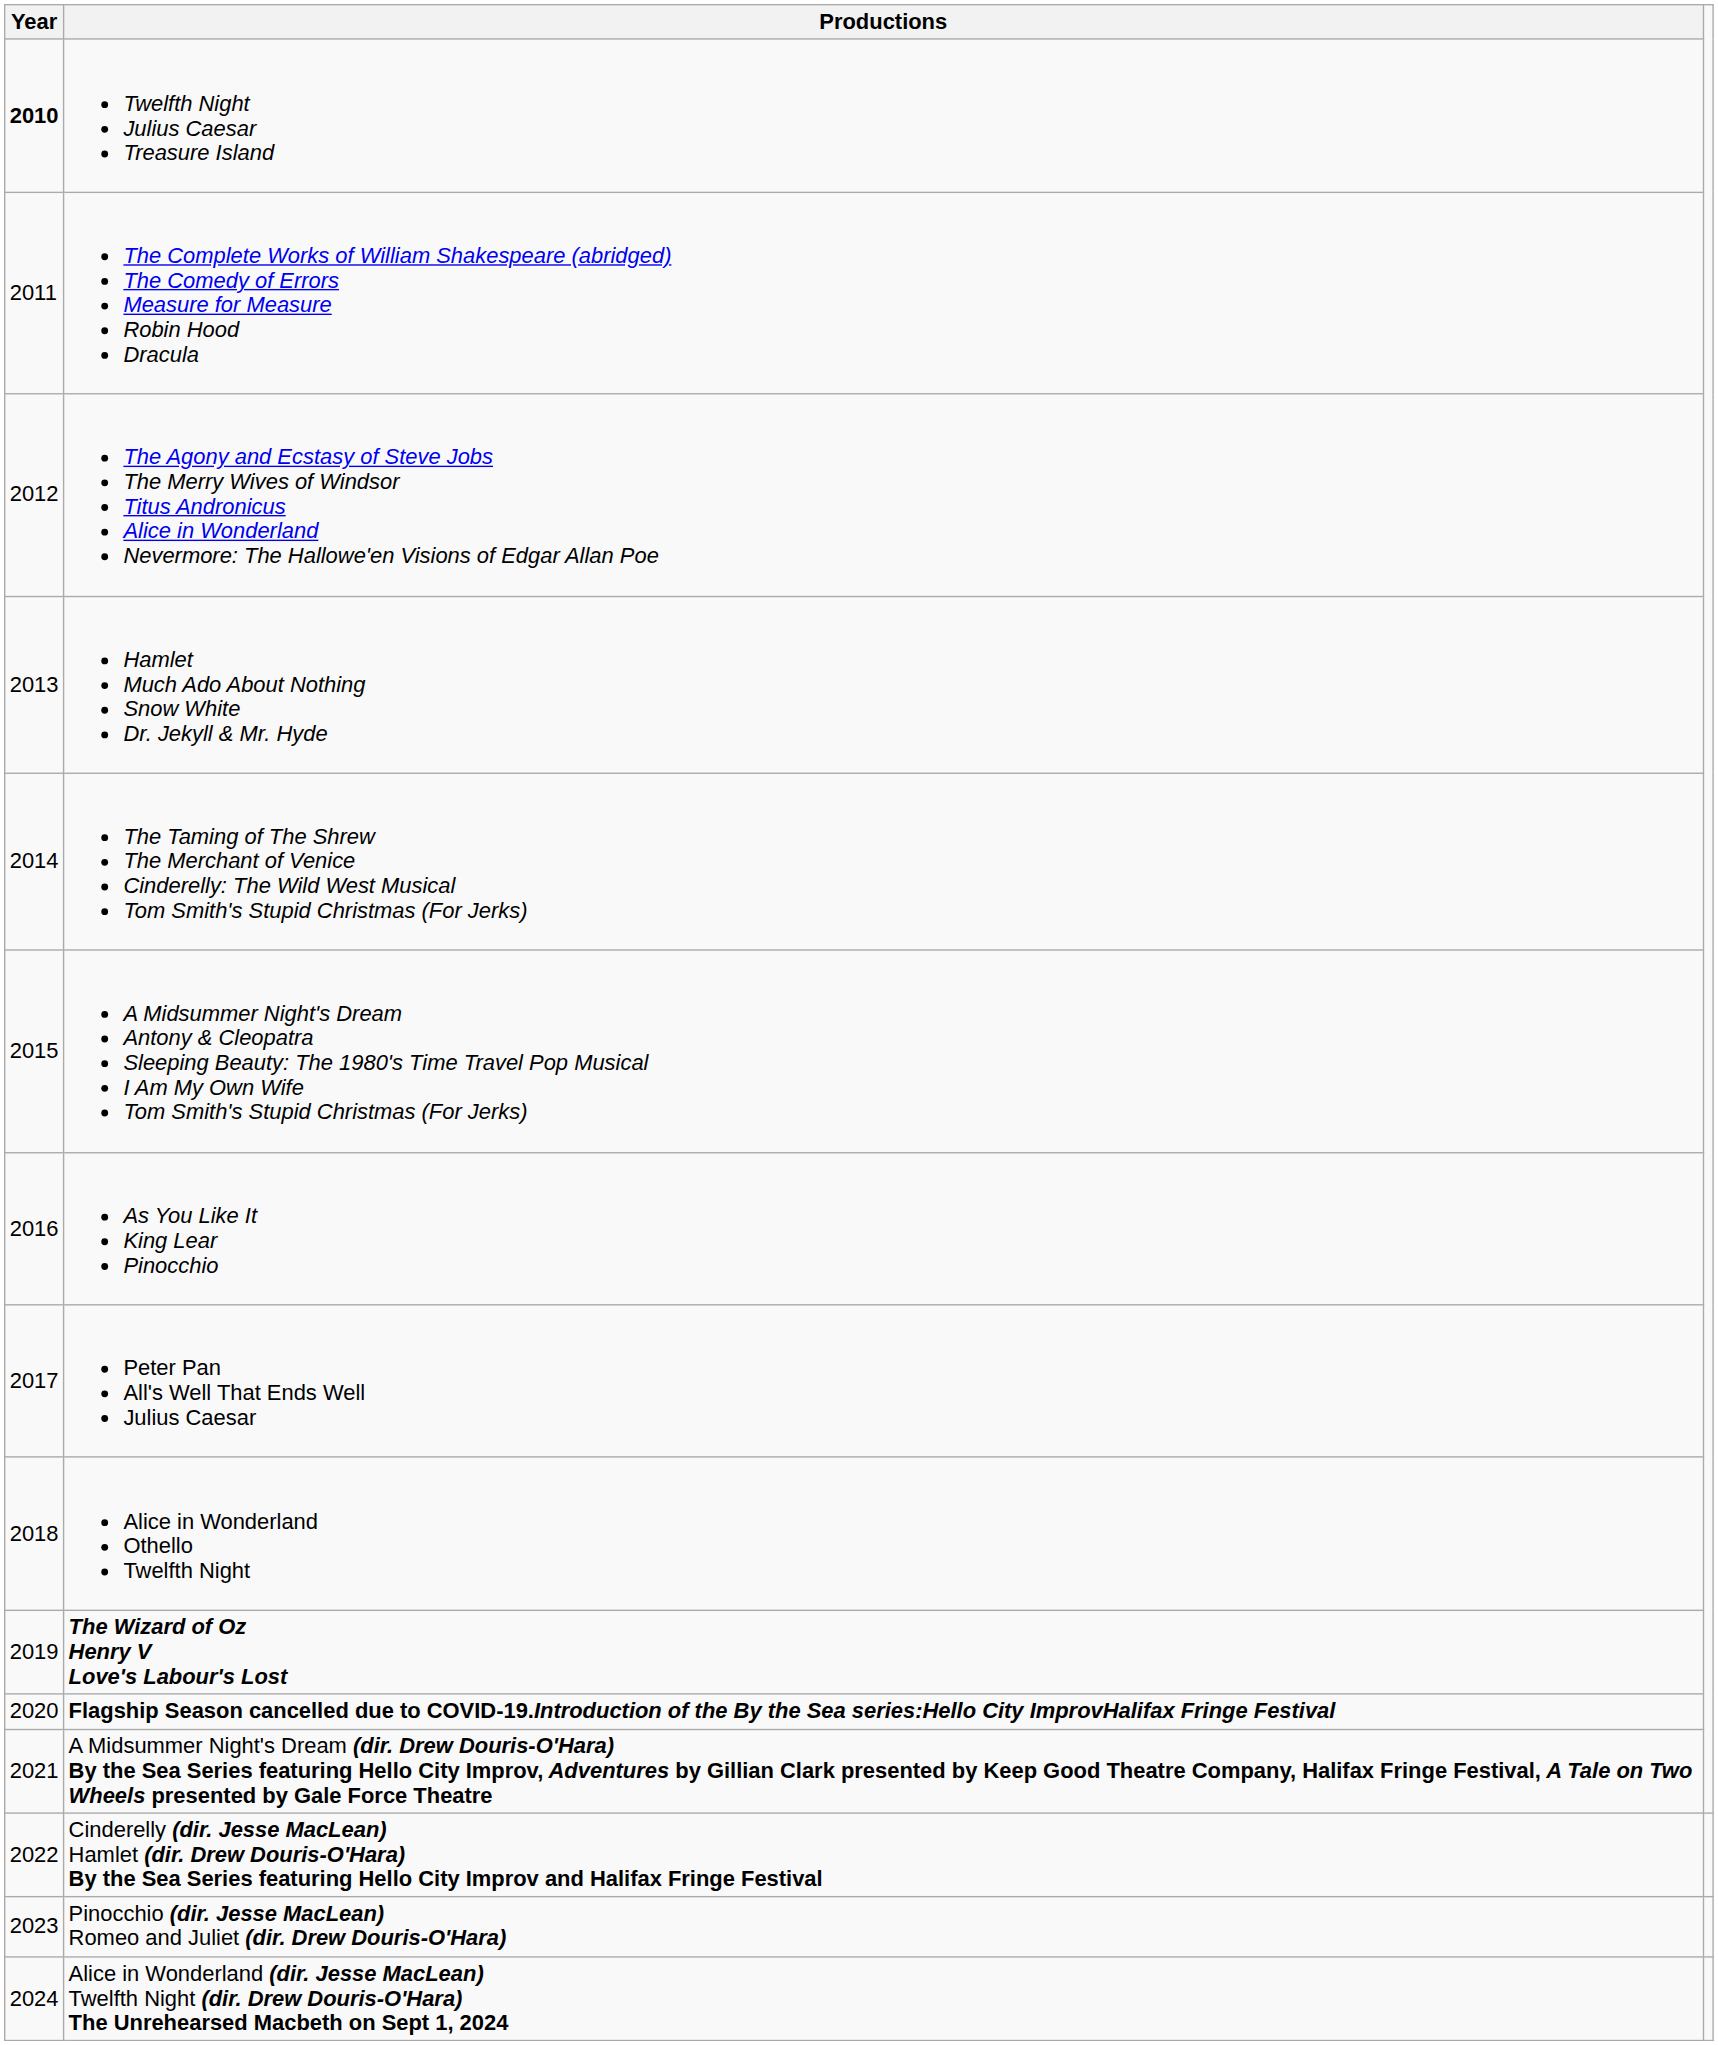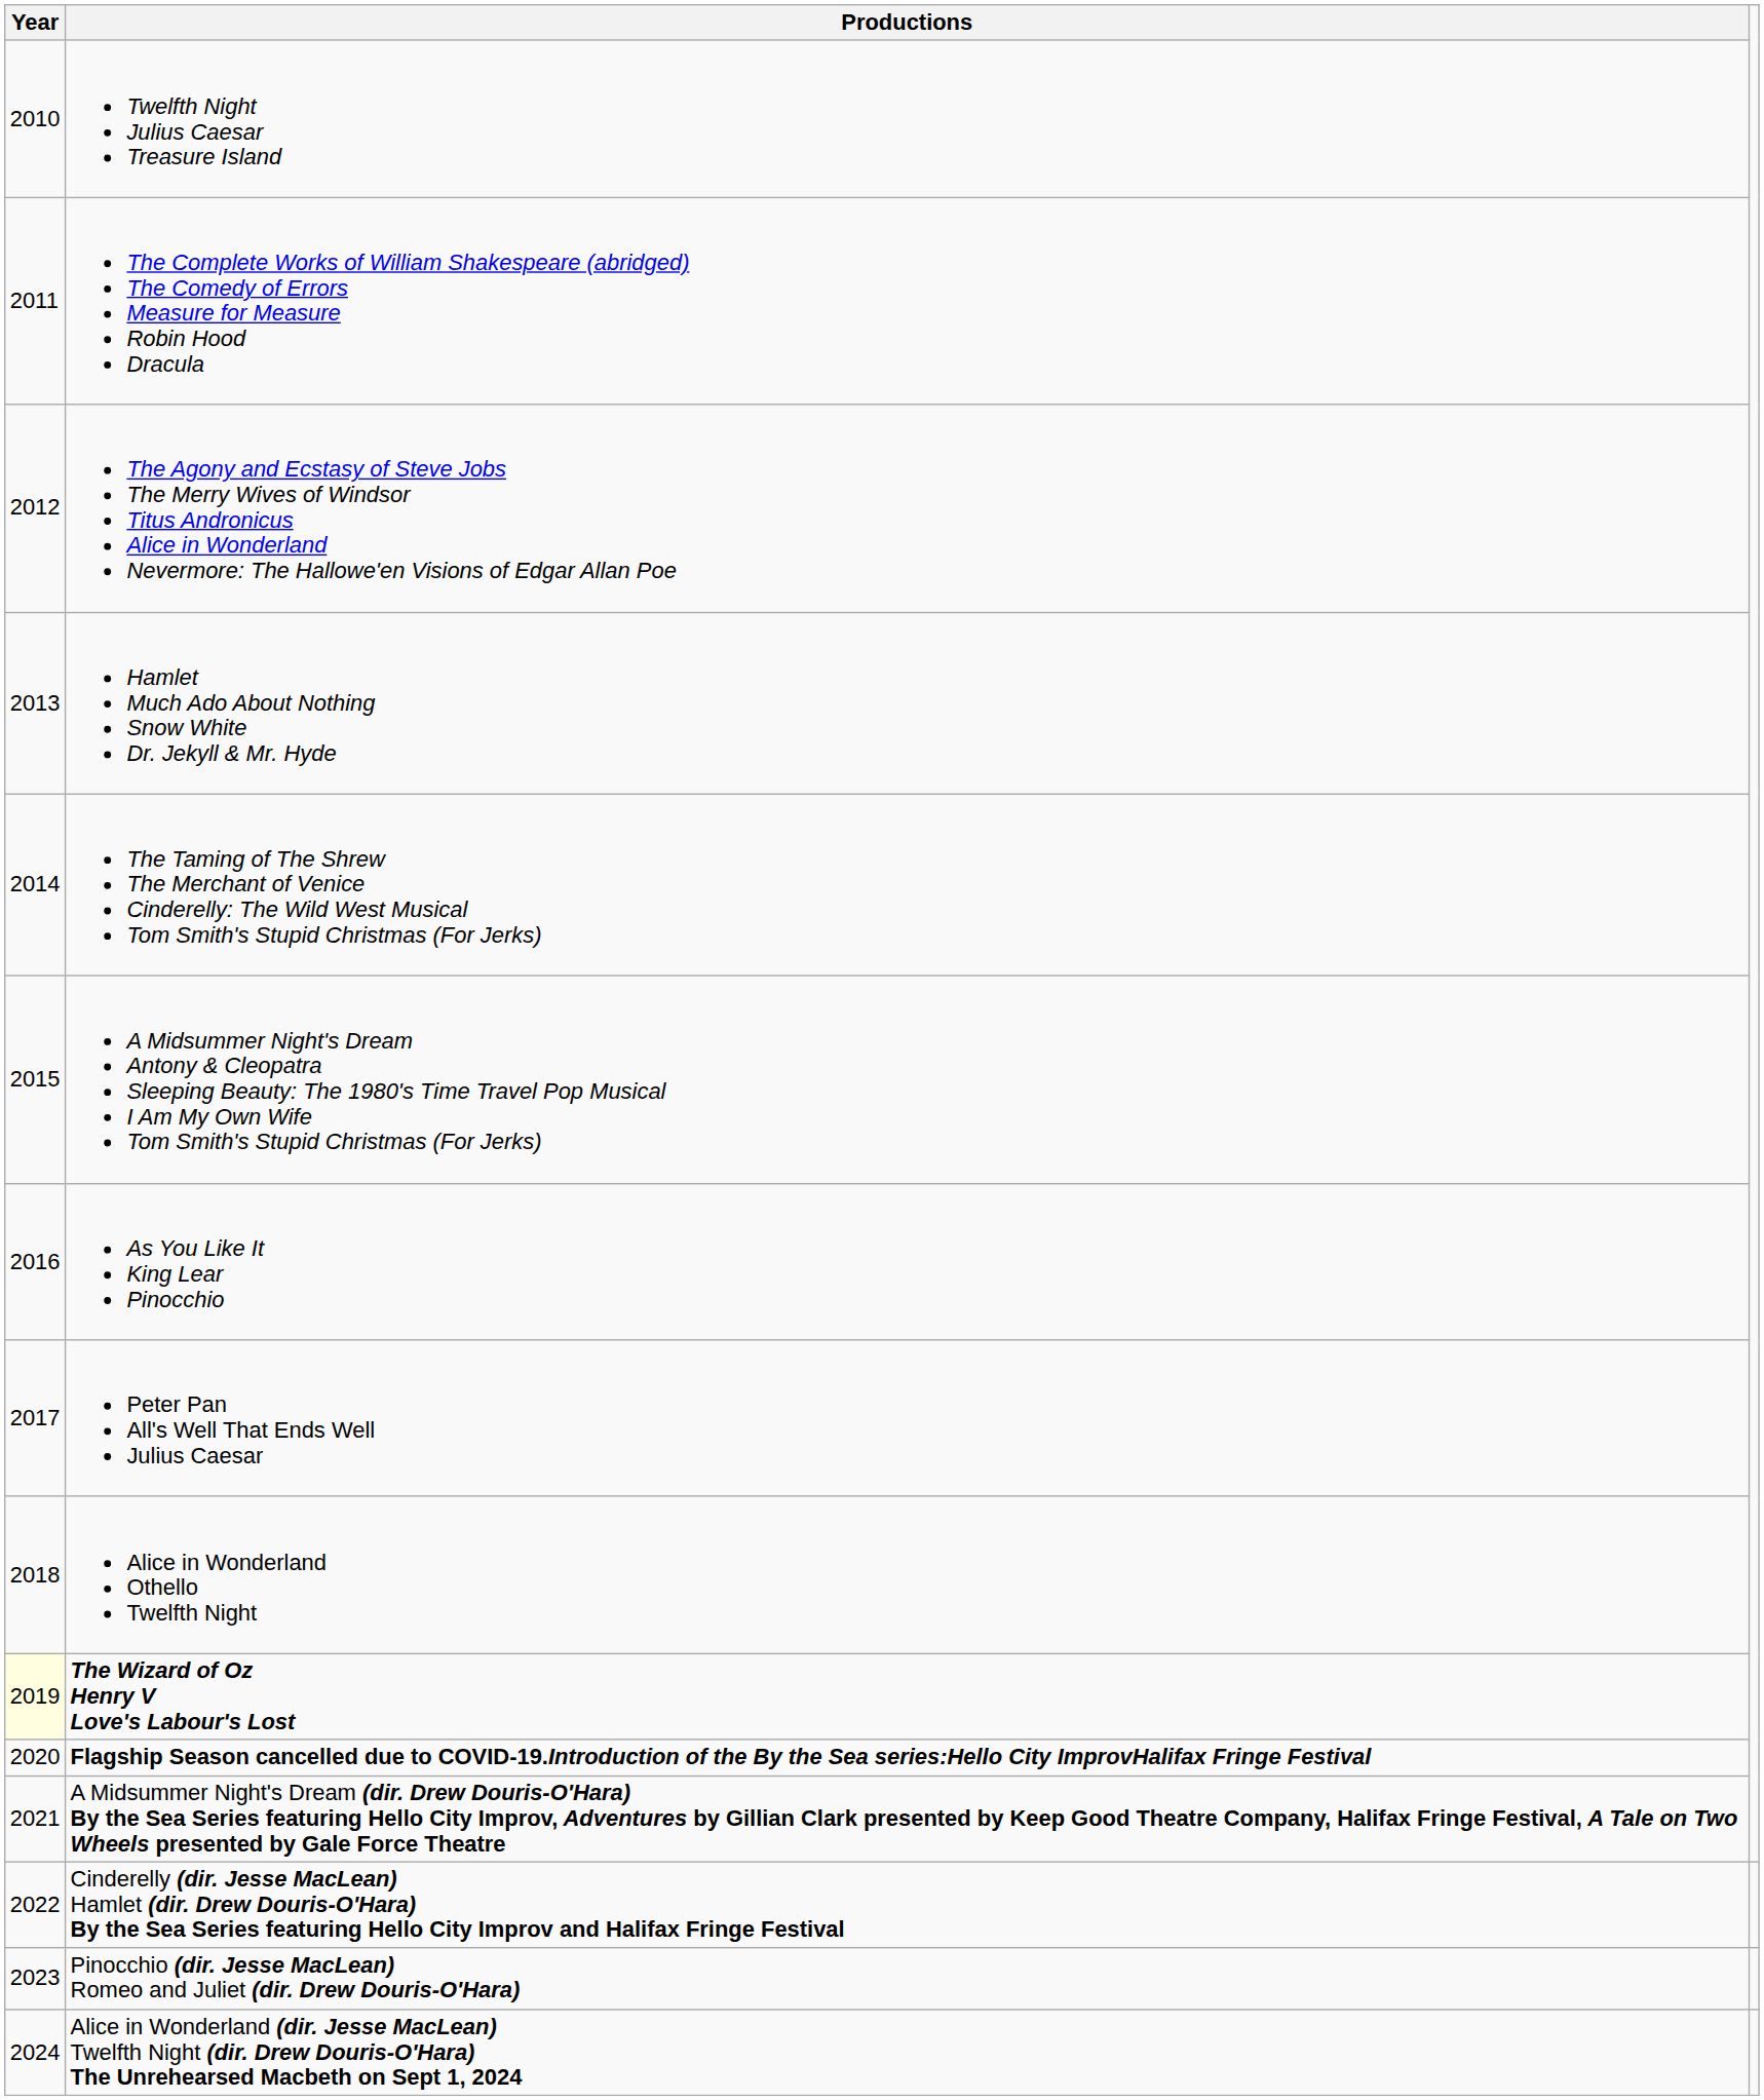 <table class="wikitable sortable">
 <tr>
 <th>Year</th>
 <th>Productions</th>
 </tr>
 <tr>
-<td><strong>2010</strong></td>
+<td>2010</td>
 <td><br><ul><li><em>Twelfth Night</em></li><li><em>Julius Caesar</em></li><li><em>Treasure Island</em></li></ul></td>
 </tr>
 <tr>
 <td>2011</td>
 <td><br><ul><li><em><a href='#'>The Complete Works of William Shakespeare (abridged)</a></em></li><li><em><a href='#'>The Comedy of Errors</a></em></li><li><em><a href='#'>Measure for Measure</a></em></li><li><em>Robin Hood</em></li><li><em>Dracula</em></li></ul></td>
 </tr>
 <tr>
 <td>2012</td>
 <td><br><ul><li><em><a href='#'>The Agony and Ecstasy of Steve Jobs</a></em></li><li><em>The Merry Wives of Windsor</em></li><li><em><a href='#'>Titus Andronicus</a></em></li><li><em><a href='#'>Alice in Wonderland</a></em></li><li><em>Nevermore: The Hallowe'en Visions of Edgar Allan Poe</em></li></ul></td>
 </tr>
 <tr>
 <td>2013</td>
 <td><br><ul><li><em>Hamlet</em></li><li><em>Much Ado About Nothing</em></li><li><em>Snow White</em></li><li><em>Dr. Jekyll & Mr. Hyde</em></li></ul></td>
 </tr>
 <tr>
 <td>2014</td>
 <td><br><ul><li><em>The Taming of The Shrew</em></li><li><em>The Merchant of Venice</em></li><li><em>Cinderelly: The Wild West Musical</em></li><li><em>Tom Smith's Stupid Christmas (For Jerks)</em></li></ul></td>
 </tr>
 <tr>
 <td>2015</td>
 <td><br><ul><li><em>A Midsummer Night's Dream</em></li><li><em>Antony & Cleopatra</em></li><li><em>Sleeping Beauty: The 1980's Time Travel Pop Musical</em></li><li><em>I Am My Own Wife</em></li><li><em>Tom Smith's Stupid Christmas (For Jerks)</em></li></ul></td>
 </tr>
 <tr>
 <td>2016</td>
 <td><br><ul><li><em>As You Like It</em></li><li><em>King Lear</em></li><li><em>Pinocchio </em></li></ul></td>
 </tr>
 <tr>
 <td>2017</td>
 <td><br><ul><li>Peter Pan</li><li>All's Well That Ends Well</li><li>Julius Caesar</li></ul></td>
 </tr>
 <tr>
 <td>2018</td>
 <td><br><ul><li>Alice in Wonderland</li><li>Othello</li><li>Twelfth Night</li></ul></td>
 </tr>
 <tr>
-<td>2019</td>
+<td style="background: lightyellow;">2019</td>
 <td><strong><em>The Wizard of Oz</em></strong><br><strong><em>Henry V</em></strong><br><strong><em>Love's Labour's Lost</em></strong></td>
 </tr>
 <tr>
 <td>2020</td>
 <td><strong>Flagship Season cancelled due to COVID-19.<strong><em>Introduction of the By the Sea series:Hello City ImprovHalifax Fringe Festival<em></td>
 </tr>
 <tr>
 <td>2021</td>
 <td></em></strong>A Midsummer Night's Dream<strong><em> (dir. Drew Douris-O'Hara)<br></em>By the Sea Series featuring Hello City Improv,<em> Adventures </em>by Gillian Clark presented by Keep Good Theatre Company, Halifax Fringe Festival,<em> A Tale on Two Wheels </em>presented by Gale Force Theatre<em></td>
 </tr>
 <tr>
 <td>2022</td>
 <td></em></strong>Cinderelly<strong><em> (dir. Jesse MacLean)<br></em></strong>Hamlet<strong><em> (dir. Drew Douris-O'Hara)<br></em>By the Sea Series featuring Hello City Improv and Halifax Fringe Festival<em></td>
 <td></td>
 </tr>
 <tr>
 <td>2023</td>
 <td></em></strong>Pinocchio<strong><em> (dir. Jesse MacLean)<br></em></strong>Romeo and Juliet<strong><em> (dir. Drew Douris-O'Hara)</td>
 <td></td>
 </tr>
 <tr>
 <td>2024</td>
 <td></em></strong>Alice in Wonderland<strong><em> (dir. Jesse MacLean)<br></em></strong>Twelfth Night<strong><em> (dir. Drew Douris-O'Hara)<br></em>The Unrehearsed Macbeth on Sept 1, 2024<em></td>
 </tr>
 </table>
